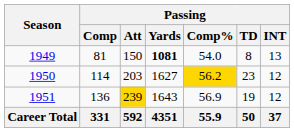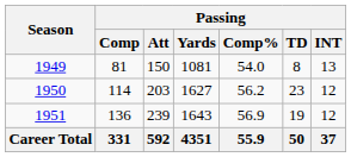 <table class=wikitable style="text-align:center;">
 <tr>
 <th rowspan=2>Season</th>
 <th colspan=6>Passing</th>
 </tr>
 <tr>
 <th>Comp</th>
 <th>Att</th>
 <th>Yards</th>
 <th>Comp%</th>
 <th>TD</th>
 <th>INT</th>
 </tr>
 <tr>
 <td><a href='#'>1949</a></td>
 <td>81</td>
 <td>150</td>
-<td><strong>1081</strong></td>
+<td>1081</td>
 <td>54.0</td>
 <td>8</td>
 <td>13</td>
 </tr>
 <tr>
 <td><a href='#'>1950</a></td>
 <td>114</td>
 <td>203</td>
 <td>1627</td>
-<td style="background: gold;">56.2</td>
+<td>56.2</td>
 <td>23</td>
 <td>12</td>
 </tr>
 <tr>
 <td><a href='#'>1951</a></td>
 <td>136</td>
-<td style="background: gold;">239</td>
+<td>239</td>
 <td>1643</td>
 <td>56.9</td>
 <td>19</td>
 <td>12</td>
 </tr>
 <tr>
 <th>Career Total</th>
 <th>331</th>
 <th>592</th>
 <th>4351</th>
 <th>55.9</th>
 <th>50</th>
 <th>37</th>
 </tr>
 </table>
